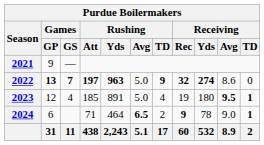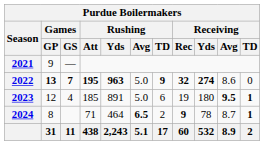 <table class="wikitable" style="text-align:center;">
 <tr>
 <th colspan="16">Purdue Boilermakers</th>
 </tr>
 <tr>
 <th rowspan="2">Season</th>
 <th colspan="2">Games</th>
 <th colspan="4">Rushing</th>
 <th colspan="4">Receiving</th>
 </tr>
 <tr>
 <th>GP</th>
 <th>GS</th>
 <th>Att</th>
 <th>Yds</th>
 <th>Avg</th>
 <th>TD</th>
 <th>Rec</th>
 <th>Yds</th>
 <th>Avg</th>
 <th>TD</th>
 </tr>
 <tr>
 <th><a href='#'>2021</a></th>
 <td>9</td>
 <td>—</td>
 <td colspan="8"></td>
 </tr>
 <tr>
 <th><a href='#'>2022</a></th>
 <td><strong>13</strong></td>
 <td><strong>7</strong></td>
-<td><strong>197</strong></td>
+<td><strong>195</strong></td>
 <td><strong>963</strong></td>
 <td>5.0</td>
 <td><strong>9</strong></td>
 <td><strong>32</strong></td>
 <td><strong>274</strong></td>
 <td>8.6</td>
 <td>0</td>
 </tr>
 <tr>
 <th><a href='#'>2023</a></th>
 <td>12</td>
 <td>4</td>
 <td>185</td>
 <td>891</td>
 <td>5.0</td>
-<td>4</td>
+<td>6</td>
 <td>19</td>
 <td>180</td>
 <td><strong>9.5</strong></td>
 <td><strong>1</strong></td>
 </tr>
 <tr>
 <th><a href='#'>2024</a></th>
-<td>6</td>
+<td>8</td>
 <td></td>
 <td>71</td>
 <td>464</td>
 <td><strong>6.5</strong></td>
 <td>2</td>
 <td><strong>9</strong></td>
 <td>78</td>
-<td>9.0</td>
+<td>8.7</td>
 <td><strong>1</strong></td>
 </tr>
 <tr>
 <th></th>
 <th>31</th>
 <th>11</th>
 <th>438</th>
 <th>2,243</th>
 <th>5.1</th>
 <th>17</th>
 <th>60</th>
 <th>532</th>
 <th>8.9</th>
 <th>2</th>
 </tr>
 </table>
